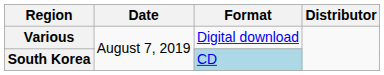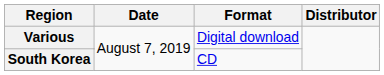 <table class="wikitable plainrowheaders">
 <tr>
 <th>Region</th>
 <th>Date</th>
 <th>Format</th>
 <th>Distributor</th>
 </tr>
 <tr>
 <th scope="row">Various</th>
 <td rowspan="3">August 7, 2019</td>
 <td rowspan="2"><a href='#'>Digital download</a></td>
 <td rowspan="3"></td>
 </tr>
 <tr>
 <th scope="row" rowspan="2">South Korea</th>
 </tr>
 <tr>
-<td style="background: lightblue;"><a href='#'>CD</a></td>
+<td><a href='#'>CD</a></td>
 </tr>
 </table>
